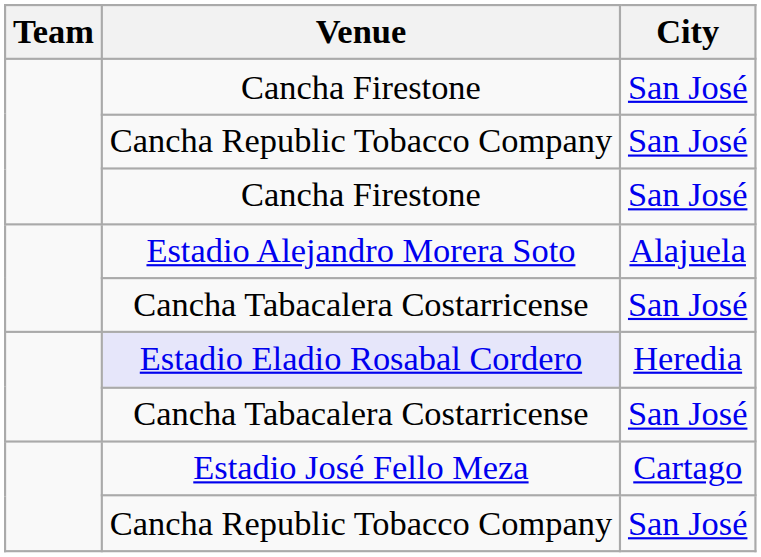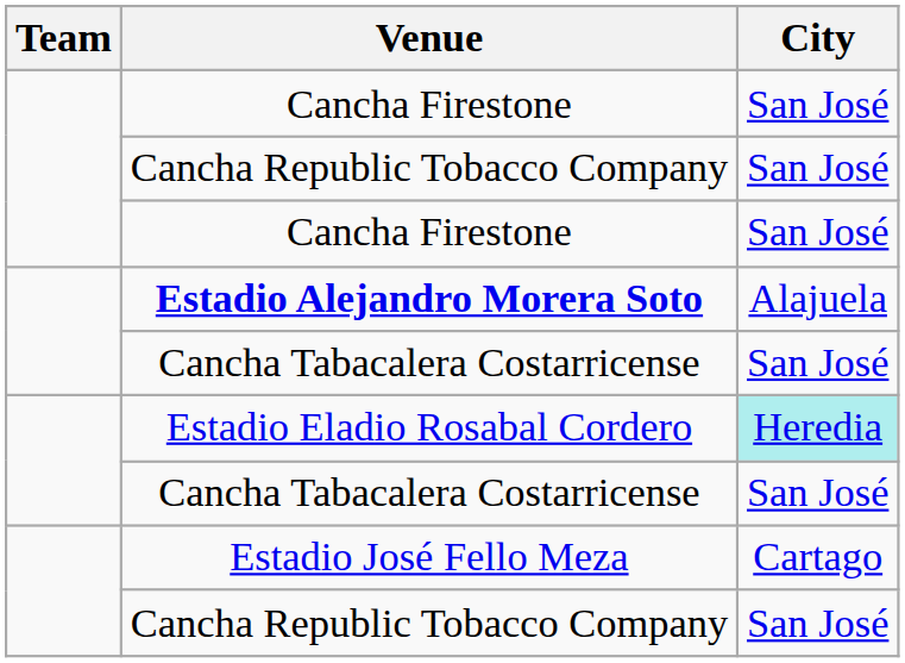 <table class="wikitable plainrowheaders">
 <tr>
 <th scope=col>Team</th>
 <th scope=col>Venue</th>
 <th scope=col>City</th>
 </tr>
 <tr>
 <td rowspan="3"></td>
 <td align=center>Cancha Firestone</td>
 <td align=center><a href='#'>San José</a></td>
 </tr>
 <tr>
 <td align=center>Cancha Republic Tobacco Company</td>
 <td align=center><a href='#'>San José</a></td>
 </tr>
 <tr>
 <td align=center>Cancha Firestone</td>
 <td align=center><a href='#'>San José</a></td>
 </tr>
 <tr>
 <td rowspan="2"></td>
-<td align=center><a href='#'>Estadio Alejandro Morera Soto</a></td>
+<td align=center><strong><a href='#'>Estadio Alejandro Morera Soto</a></strong></td>
 <td align=center><a href='#'>Alajuela</a></td>
 </tr>
 <tr>
 <td align=center>Cancha Tabacalera Costarricense</td>
 <td align=center><a href='#'>San José</a></td>
 </tr>
 <tr>
 <td rowspan="2"></td>
-<td align=center style="background: lavender;"><a href='#'>Estadio Eladio Rosabal Cordero</a></td>
-<td align=center><a href='#'>Heredia</a></td>
+<td align=center><a href='#'>Estadio Eladio Rosabal Cordero</a></td>
+<td align=center style="background: paleturquoise;"><a href='#'>Heredia</a></td>
 </tr>
 <tr>
 <td align=center>Cancha Tabacalera Costarricense</td>
 <td align=center><a href='#'>San José</a></td>
 </tr>
 <tr>
 <td rowspan="2"></td>
 <td align=center><a href='#'>Estadio José Fello Meza</a></td>
 <td align=center><a href='#'>Cartago</a></td>
 </tr>
 <tr>
 <td align=center>Cancha Republic Tobacco Company</td>
 <td align=center><a href='#'>San José</a></td>
 </tr>
 </table>
